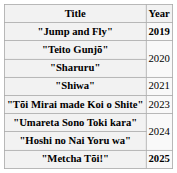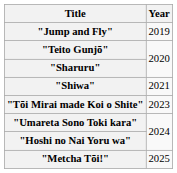 <table class="wikitable plainrowheaders" style="font-size:small; text-align:center">
 <tr>
 <th scope="col">Title</th>
 <th scope="col">Year</th>
 </tr>
 <tr>
 <th scope="row">"Jump and Fly"</th>
-<td><strong>2019</strong></td>
+<td>2019</td>
 </tr>
 <tr>
 <th scope="row">"Teito Gunjō"</th>
 <td rowspan="2">2020</td>
 </tr>
 <tr>
 <th scope="row">"Sharuru"</th>
 </tr>
 <tr>
 <th scope="row">"Shiwa"</th>
 <td>2021</td>
 </tr>
 <tr>
 <th scope="row">"Tōi Mirai made Koi o Shite"</th>
 <td>2023</td>
 </tr>
 <tr>
 <th scope="row">"Umareta Sono Toki kara"</th>
 <td rowspan="2">2024</td>
 </tr>
 <tr>
 <th scope="row">"Hoshi no Nai Yoru wa"</th>
 </tr>
 <tr>
 <th scope="row">"Metcha Tōi!"</th>
-<td><strong>2025</strong></td>
+<td>2025</td>
 </tr>
 </table>
